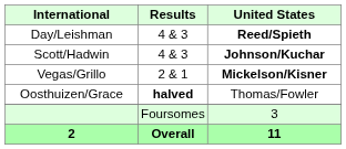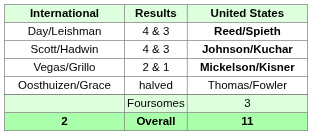 <table border="1" cellpadding="3" style="border-collapse:collapse; text-align:center;">
 <tr style="background:#ddffdd;">
 <th width="160">International</th>
 <th>Results</th>
 <th width="160">United States</th>
 </tr>
 <tr>
 <td>Day/Leishman</td>
 <td>4 & 3</td>
 <td><strong>Reed/Spieth</strong></td>
 </tr>
 <tr>
 <td>Scott/Hadwin</td>
 <td>4 & 3</td>
 <td><strong>Johnson/Kuchar</strong></td>
 </tr>
 <tr>
 <td>Vegas/Grillo</td>
 <td>2 & 1</td>
 <td><strong>Mickelson/Kisner</strong></td>
 </tr>
 <tr>
 <td>Oosthuizen/Grace</td>
-<td><strong>halved</strong></td>
+<td>halved</td>
 <td>Thomas/Fowler</td>
 </tr>
 <tr>
 </tr>
 <tr style="background:#ddffdd;">
 <td></td>
 <td>Foursomes</td>
 <td>3</td>
 </tr>
 <tr style="background:#aaffaa;">
 <th>2</th>
 <th>Overall</th>
 <th>11</th>
 </tr>
 </table>
